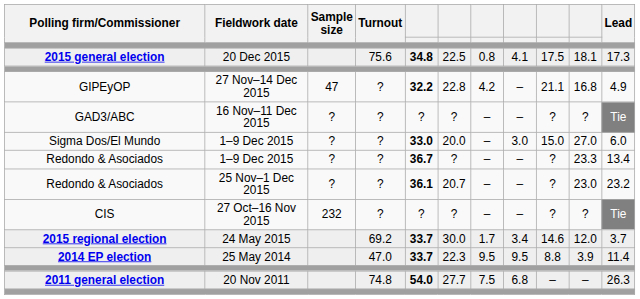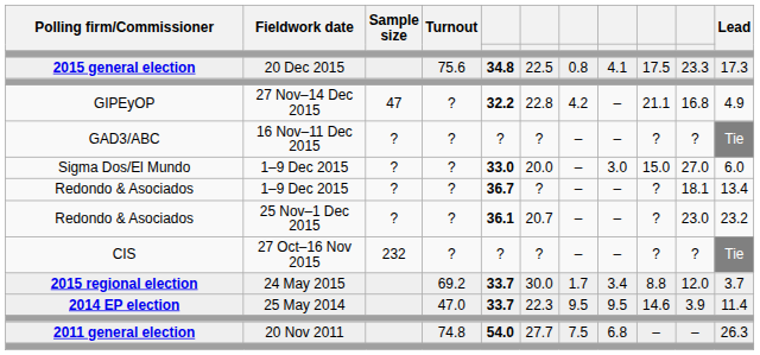 <table class="wikitable collapsible collapsed" style="text-align:center; font-size:95%; line-height:16px;">
 <tr style="height:42px; background-color:#E9E9E9">
 <th style="width:250px;" rowspan="2">Polling firm/Commissioner</th>
 <th style="width:125px;" rowspan="2">Fieldwork date</th>
 <th style="width:50px;" rowspan="2">Sample size</th>
 <th style="width:45px;" rowspan="2">Turnout</th>
 <th style="width:35px;"></th>
 <th style="width:35px;"></th>
 <th style="width:35px;"></th>
 <th style="width:35px;"></th>
 <th style="width:35px;"></th>
 <th style="width:35px;"></th>
 <th style="width:30px;" rowspan="2">Lead</th>
 </tr>
 <tr>
 <th style="color:inherit;background:"></th>
 <th style="color:inherit;background:"></th>
 <th style="color:inherit;background:"></th>
 <th style="color:inherit;background:"></th>
 <th style="color:inherit;background:"></th>
 <th style="color:inherit;background:"></th>
 </tr>
 <tr>
 <td colspan="11" style="background:#A0A0A0"></td>
 </tr>
 <tr style="background:#EFEFEF;">
 <td><strong><a href='#'>2015 general election</a></strong></td>
 <td>20 Dec 2015</td>
 <td></td>
 <td>75.6</td>
 <td><strong>34.8</strong><br></td>
 <td>22.5<br></td>
 <td>0.8<br></td>
 <td>4.1<br></td>
 <td>17.5<br></td>
-<td>18.1<br></td>
+<td>23.3<br></td>
 <td style="background:">17.3</td>
 </tr>
 <tr>
 <td colspan="11" style="background:#A0A0A0"></td>
 </tr>
 <tr>
 <td>GIPEyOP</td>
 <td>27 Nov–14 Dec 2015</td>
 <td>47</td>
 <td>?</td>
 <td><strong>32.2</strong><br></td>
 <td>22.8<br></td>
 <td>4.2<br></td>
 <td>–</td>
 <td>21.1<br></td>
 <td>16.8<br></td>
 <td style="background:">4.9</td>
 </tr>
 <tr>
 <td>GAD3/ABC</td>
 <td>16 Nov–11 Dec 2015</td>
 <td>?</td>
 <td>?</td>
 <td>?<br></td>
 <td>?<br></td>
 <td>–</td>
 <td>–</td>
 <td>?<br></td>
 <td>?<br></td>
 <td style="background:gray;color:white;">Tie</td>
 </tr>
 <tr>
 <td>Sigma Dos/El Mundo</td>
 <td>1–9 Dec 2015</td>
 <td>?</td>
 <td>?</td>
 <td><strong>33.0</strong><br></td>
 <td>20.0<br></td>
 <td>–</td>
 <td>3.0<br></td>
 <td>15.0<br></td>
 <td>27.0<br></td>
 <td style="background:">6.0</td>
 </tr>
 <tr>
 <td>Redondo & Asociados</td>
 <td>1–9 Dec 2015</td>
 <td>?</td>
 <td>?</td>
 <td><strong>36.7</strong><br></td>
 <td>?<br></td>
 <td>–</td>
 <td>–</td>
 <td>?<br></td>
-<td>23.3<br></td>
+<td>18.1<br></td>
 <td style="background:">13.4</td>
 </tr>
 <tr>
 <td>Redondo & Asociados</td>
 <td>25 Nov–1 Dec 2015</td>
 <td>?</td>
 <td>?</td>
 <td><strong>36.1</strong><br></td>
 <td>20.7<br></td>
 <td>–</td>
 <td>–</td>
 <td>?<br></td>
 <td>23.0<br></td>
 <td style="background:">23.2</td>
 </tr>
 <tr>
 <td>CIS</td>
 <td>27 Oct–16 Nov 2015</td>
 <td>232</td>
 <td>?</td>
 <td>?<br></td>
 <td>?<br></td>
 <td>–</td>
 <td>–</td>
 <td>?<br></td>
 <td>?<br></td>
 <td style="background:gray;color:white;">Tie</td>
 </tr>
 <tr style="background:#EFEFEF;">
 <td><strong><a href='#'>2015 regional election</a></strong></td>
 <td>24 May 2015</td>
 <td></td>
 <td>69.2</td>
 <td><strong>33.7</strong><br></td>
 <td>30.0<br></td>
 <td>1.7<br></td>
 <td>3.4<br></td>
-<td>14.6<br></td>
+<td>8.8<br></td>
 <td>12.0<br></td>
 <td style="background:">3.7</td>
 </tr>
 <tr style="background:#EFEFEF;">
 <td><strong><a href='#'>2014 EP election</a></strong></td>
 <td>25 May 2014</td>
 <td></td>
 <td>47.0</td>
 <td><strong>33.7</strong><br></td>
 <td>22.3<br></td>
 <td>9.5<br></td>
 <td>9.5<br></td>
-<td>8.8<br></td>
+<td>14.6<br></td>
 <td>3.9<br></td>
 <td style="background:">11.4</td>
 </tr>
 <tr>
 <td colspan="11" style="background:#A0A0A0"></td>
 </tr>
 <tr style="background:#EFEFEF;">
 <td><strong><a href='#'>2011 general election</a></strong></td>
 <td>20 Nov 2011</td>
 <td></td>
 <td>74.8</td>
 <td><strong>54.0</strong><br></td>
 <td>27.7<br></td>
 <td>7.5<br></td>
 <td>6.8<br></td>
 <td>–</td>
 <td>–</td>
 <td style="background:">26.3</td>
 </tr>
 <tr>
 <td colspan="11" style="background:#A0A0A0"></td>
 </tr>
 </table>
